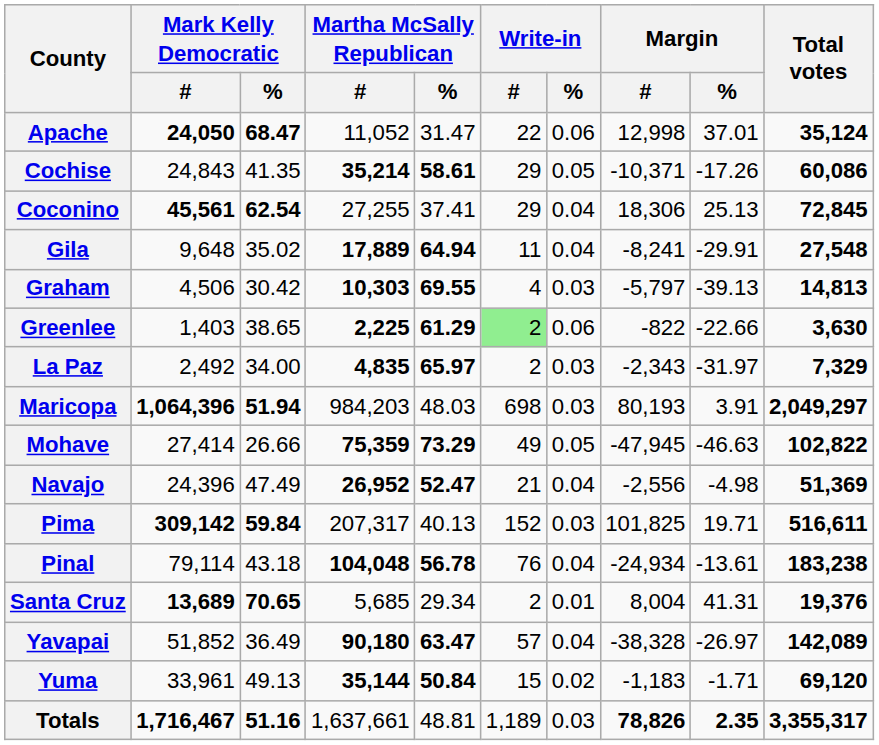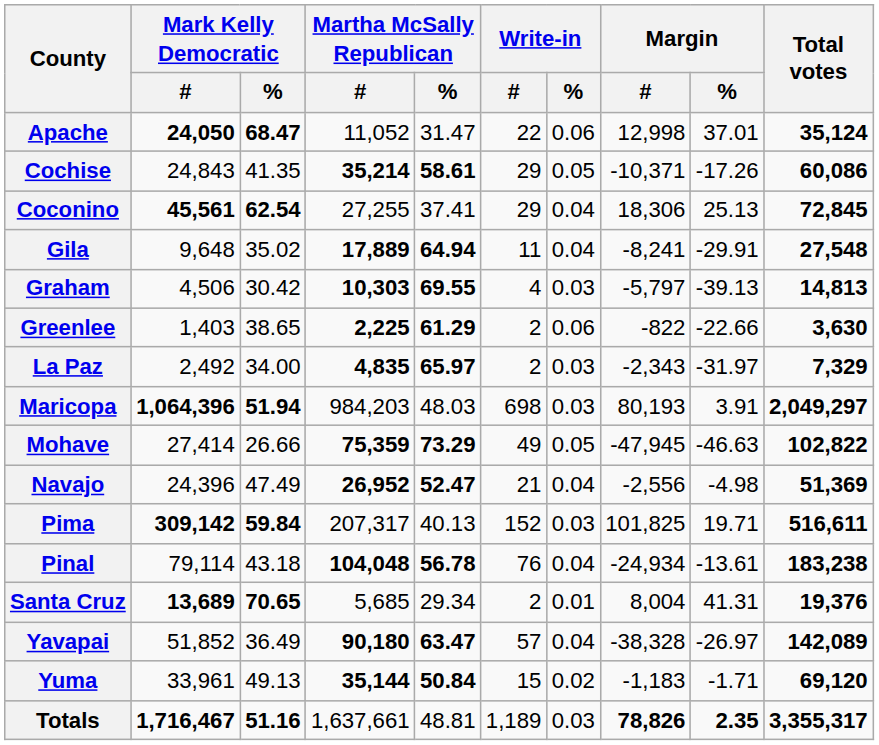 <table class="wikitable sortable" style="text-align:right;font-size:90%;line-height:1.3">
 <tr>
 <th rowspan="2">County</th>
 <th colspan="2"><a href='#'>Mark Kelly</a><br><a href='#'>Democratic</a></th>
 <th colspan="2"><a href='#'>Martha McSally</a><br><a href='#'>Republican</a></th>
 <th colspan="2"><a href='#'>Write-in</a></th>
 <th colspan="2">Margin</th>
 <th rowspan="2">Total<br>votes</th>
 </tr>
 <tr>
 <th data-sort-type="number">#</th>
 <th data-sort-type="number">%</th>
 <th data-sort-type="number">#</th>
 <th data-sort-type="number">%</th>
 <th data-sort-type="number">#</th>
 <th data-sort-type="number">%</th>
 <th data-sort-type="number">#</th>
 <th data-sort-type="number">%</th>
 </tr>
 <tr>
 <th><a href='#'>Apache</a></th>
 <td><strong>24,050</strong></td>
 <td><strong>68.47</strong></td>
 <td>11,052</td>
 <td>31.47</td>
 <td>22</td>
 <td>0.06</td>
 <td>12,998</td>
 <td>37.01</td>
 <td><strong>35,124</strong></td>
 </tr>
 <tr>
 <th><a href='#'>Cochise</a></th>
 <td>24,843</td>
 <td>41.35</td>
 <td><strong>35,214</strong></td>
 <td><strong>58.61</strong></td>
 <td>29</td>
 <td>0.05</td>
 <td>-10,371</td>
 <td>-17.26</td>
 <td><strong>60,086</strong></td>
 </tr>
 <tr>
 <th><a href='#'>Coconino</a></th>
 <td><strong>45,561</strong></td>
 <td><strong>62.54</strong></td>
 <td>27,255</td>
 <td>37.41</td>
 <td>29</td>
 <td>0.04</td>
 <td>18,306</td>
 <td>25.13</td>
 <td><strong>72,845</strong></td>
 </tr>
 <tr>
 <th><a href='#'>Gila</a></th>
 <td>9,648</td>
 <td>35.02</td>
 <td><strong>17,889</strong></td>
 <td><strong>64.94</strong></td>
 <td>11</td>
 <td>0.04</td>
 <td>-8,241</td>
 <td>-29.91</td>
 <td><strong>27,548</strong></td>
 </tr>
 <tr>
 <th><a href='#'>Graham</a></th>
 <td>4,506</td>
 <td>30.42</td>
 <td><strong>10,303</strong></td>
 <td><strong>69.55</strong></td>
 <td>4</td>
 <td>0.03</td>
 <td>-5,797</td>
 <td>-39.13</td>
 <td><strong>14,813</strong></td>
 </tr>
 <tr>
 <th><a href='#'>Greenlee</a></th>
 <td>1,403</td>
 <td>38.65</td>
 <td><strong>2,225</strong></td>
 <td><strong>61.29</strong></td>
-<td style="background: lightgreen;">2</td>
+<td>2</td>
 <td>0.06</td>
 <td>-822</td>
 <td>-22.66</td>
 <td><strong>3,630</strong></td>
 </tr>
 <tr>
 <th><a href='#'>La Paz</a></th>
 <td>2,492</td>
 <td>34.00</td>
 <td><strong>4,835</strong></td>
 <td><strong>65.97</strong></td>
 <td>2</td>
 <td>0.03</td>
 <td>-2,343</td>
 <td>-31.97</td>
 <td><strong>7,329</strong></td>
 </tr>
 <tr>
 <th><a href='#'>Maricopa</a></th>
 <td><strong>1,064,396</strong></td>
 <td><strong>51.94</strong></td>
 <td>984,203</td>
 <td>48.03</td>
 <td>698</td>
 <td>0.03</td>
 <td>80,193</td>
 <td>3.91</td>
 <td><strong>2,049,297</strong></td>
 </tr>
 <tr>
 <th><a href='#'>Mohave</a></th>
 <td>27,414</td>
 <td>26.66</td>
 <td><strong>75,359</strong></td>
 <td><strong>73.29</strong></td>
 <td>49</td>
 <td>0.05</td>
 <td>-47,945</td>
 <td>-46.63</td>
 <td><strong>102,822</strong></td>
 </tr>
 <tr>
 <th><a href='#'>Navajo</a></th>
 <td>24,396</td>
 <td>47.49</td>
 <td><strong>26,952</strong></td>
 <td><strong>52.47</strong></td>
 <td>21</td>
 <td>0.04</td>
 <td>-2,556</td>
 <td>-4.98</td>
 <td><strong>51,369</strong></td>
 </tr>
 <tr>
 <th><a href='#'>Pima</a></th>
 <td><strong>309,142</strong></td>
 <td><strong>59.84</strong></td>
 <td>207,317</td>
 <td>40.13</td>
 <td>152</td>
 <td>0.03</td>
 <td>101,825</td>
 <td>19.71</td>
 <td><strong>516,611</strong></td>
 </tr>
 <tr>
 <th><a href='#'>Pinal</a></th>
 <td>79,114</td>
 <td>43.18</td>
 <td><strong>104,048</strong></td>
 <td><strong>56.78</strong></td>
 <td>76</td>
 <td>0.04</td>
 <td>-24,934</td>
 <td>-13.61</td>
 <td><strong>183,238</strong></td>
 </tr>
 <tr>
 <th><a href='#'>Santa Cruz</a></th>
 <td><strong>13,689</strong></td>
 <td><strong>70.65</strong></td>
 <td>5,685</td>
 <td>29.34</td>
 <td>2</td>
 <td>0.01</td>
 <td>8,004</td>
 <td>41.31</td>
 <td><strong>19,376</strong></td>
 </tr>
 <tr>
 <th><a href='#'>Yavapai</a></th>
 <td>51,852</td>
 <td>36.49</td>
 <td><strong>90,180</strong></td>
 <td><strong>63.47</strong></td>
 <td>57</td>
 <td>0.04</td>
 <td>-38,328</td>
 <td>-26.97</td>
 <td><strong>142,089</strong></td>
 </tr>
 <tr>
 <th><a href='#'>Yuma</a></th>
 <td>33,961</td>
 <td>49.13</td>
 <td><strong>35,144</strong></td>
 <td><strong>50.84</strong></td>
 <td>15</td>
 <td>0.02</td>
 <td>-1,183</td>
 <td>-1.71</td>
 <td><strong>69,120</strong></td>
 </tr>
 <tr class="sortbottom">
 <th>Totals</th>
 <td><strong>1,716,467</strong></td>
 <td><strong>51.16</strong></td>
 <td>1,637,661</td>
 <td>48.81</td>
 <td>1,189</td>
 <td>0.03</td>
 <td><strong>78,826</strong></td>
 <td><strong>2.35</strong></td>
 <td><strong>3,355,317</strong></td>
 </tr>
 </table>
